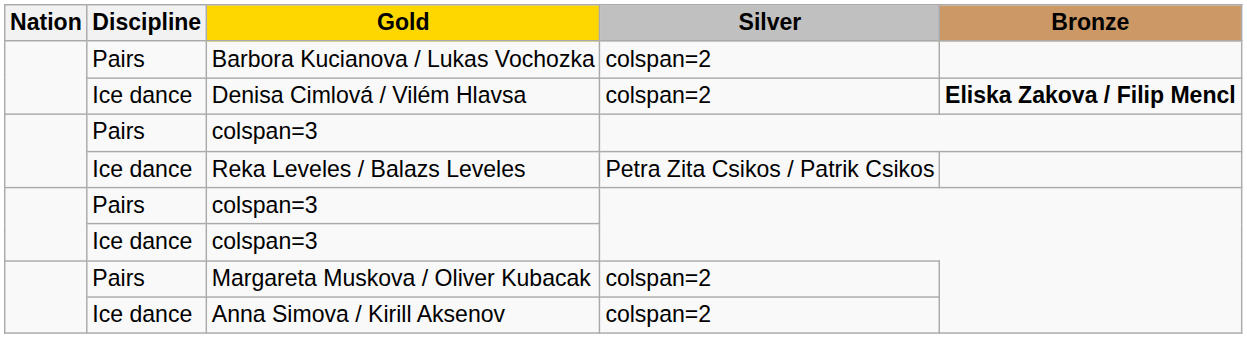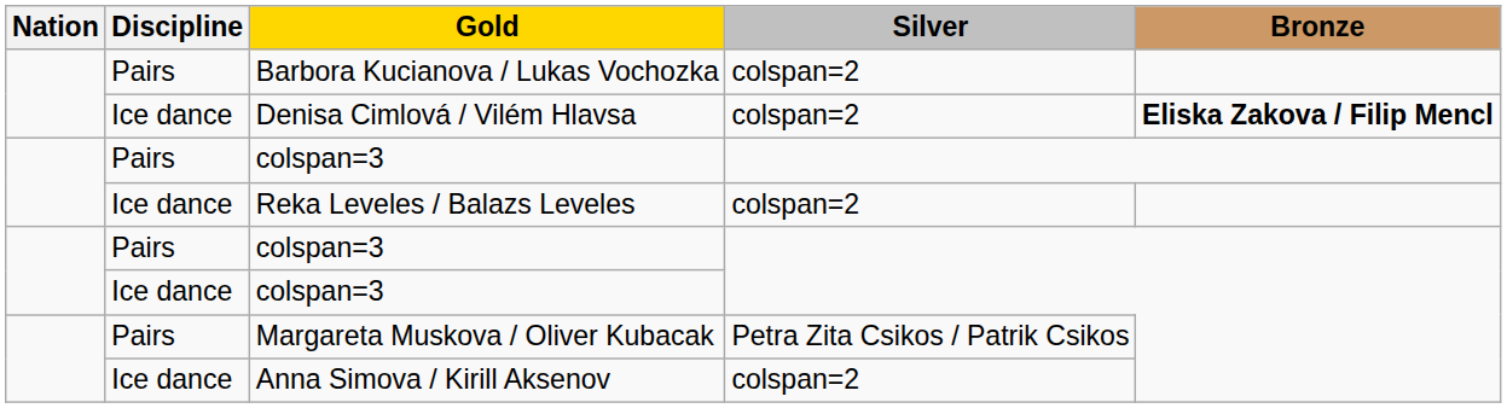 <table class="wikitable">
 <tr>
 <th>Nation</th>
 <th>Discipline</th>
 <td align=center bgcolor=gold><strong>Gold</strong></td>
 <td align=center bgcolor=silver><strong>Silver</strong></td>
 <td align=center bgcolor=cc9966><strong>Bronze</strong></td>
 </tr>
 <tr>
 <td rowspan=2><strong></strong></td>
 <td>Pairs</td>
 <td>Barbora Kucianova / Lukas Vochozka</td>
 <td>colspan=2 </td>
 </tr>
 <tr>
 <td>Ice dance</td>
 <td>Denisa Cimlová / Vilém Hlavsa</td>
 <td>colspan=2 </td>
 <td><strong>Eliska Zakova / Filip Mencl</strong></td>
 </tr>
 <tr>
 <td rowspan=2><strong></strong></td>
 <td>Pairs</td>
 <td>colspan=3 </td>
 </tr>
 <tr>
 <td>Ice dance</td>
 <td>Reka Leveles / Balazs Leveles</td>
-<td>Petra Zita Csikos / Patrik Csikos</td>
+<td>colspan=2 </td>
 <td></td>
 </tr>
 <tr>
 <td rowspan=2><strong></strong></td>
 <td>Pairs</td>
 <td>colspan=3 </td>
 </tr>
 <tr>
 <td>Ice dance</td>
 <td>colspan=3 </td>
 </tr>
 <tr>
 <td rowspan=2><strong></strong></td>
 <td>Pairs</td>
 <td>Margareta Muskova / Oliver Kubacak</td>
-<td>colspan=2 </td>
+<td>Petra Zita Csikos / Patrik Csikos</td>
 </tr>
 <tr>
 <td>Ice dance</td>
 <td>Anna Simova / Kirill Aksenov</td>
 <td>colspan=2 </td>
 </tr>
 </table>
